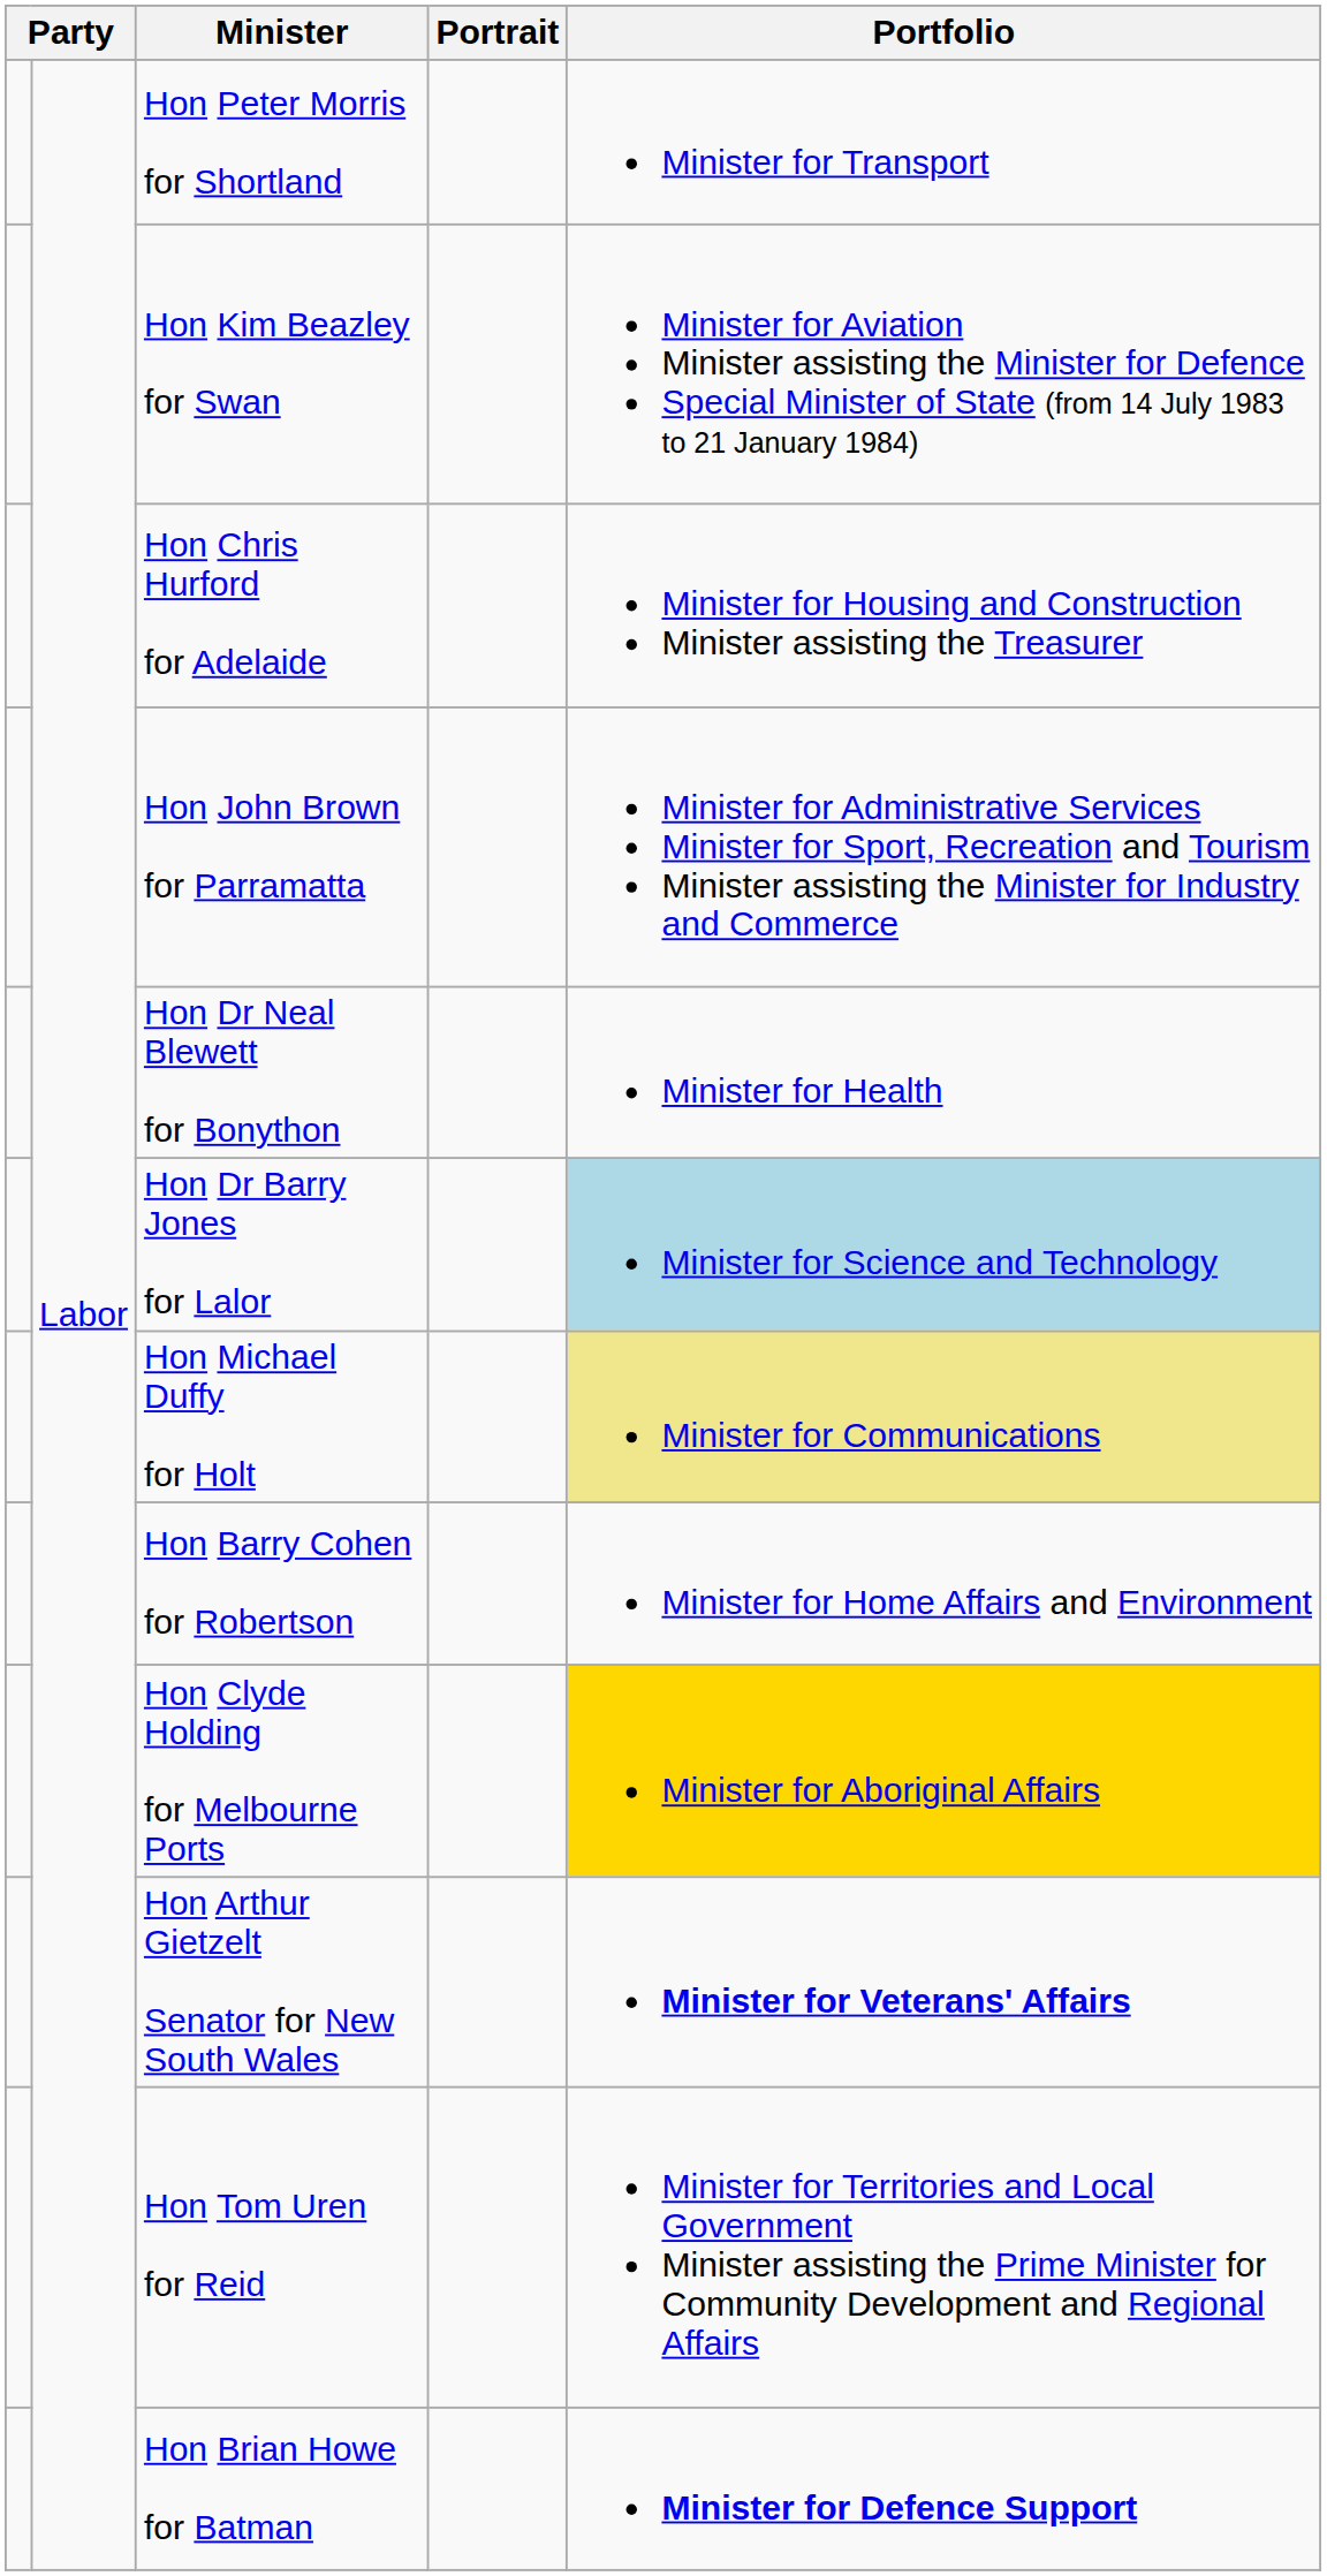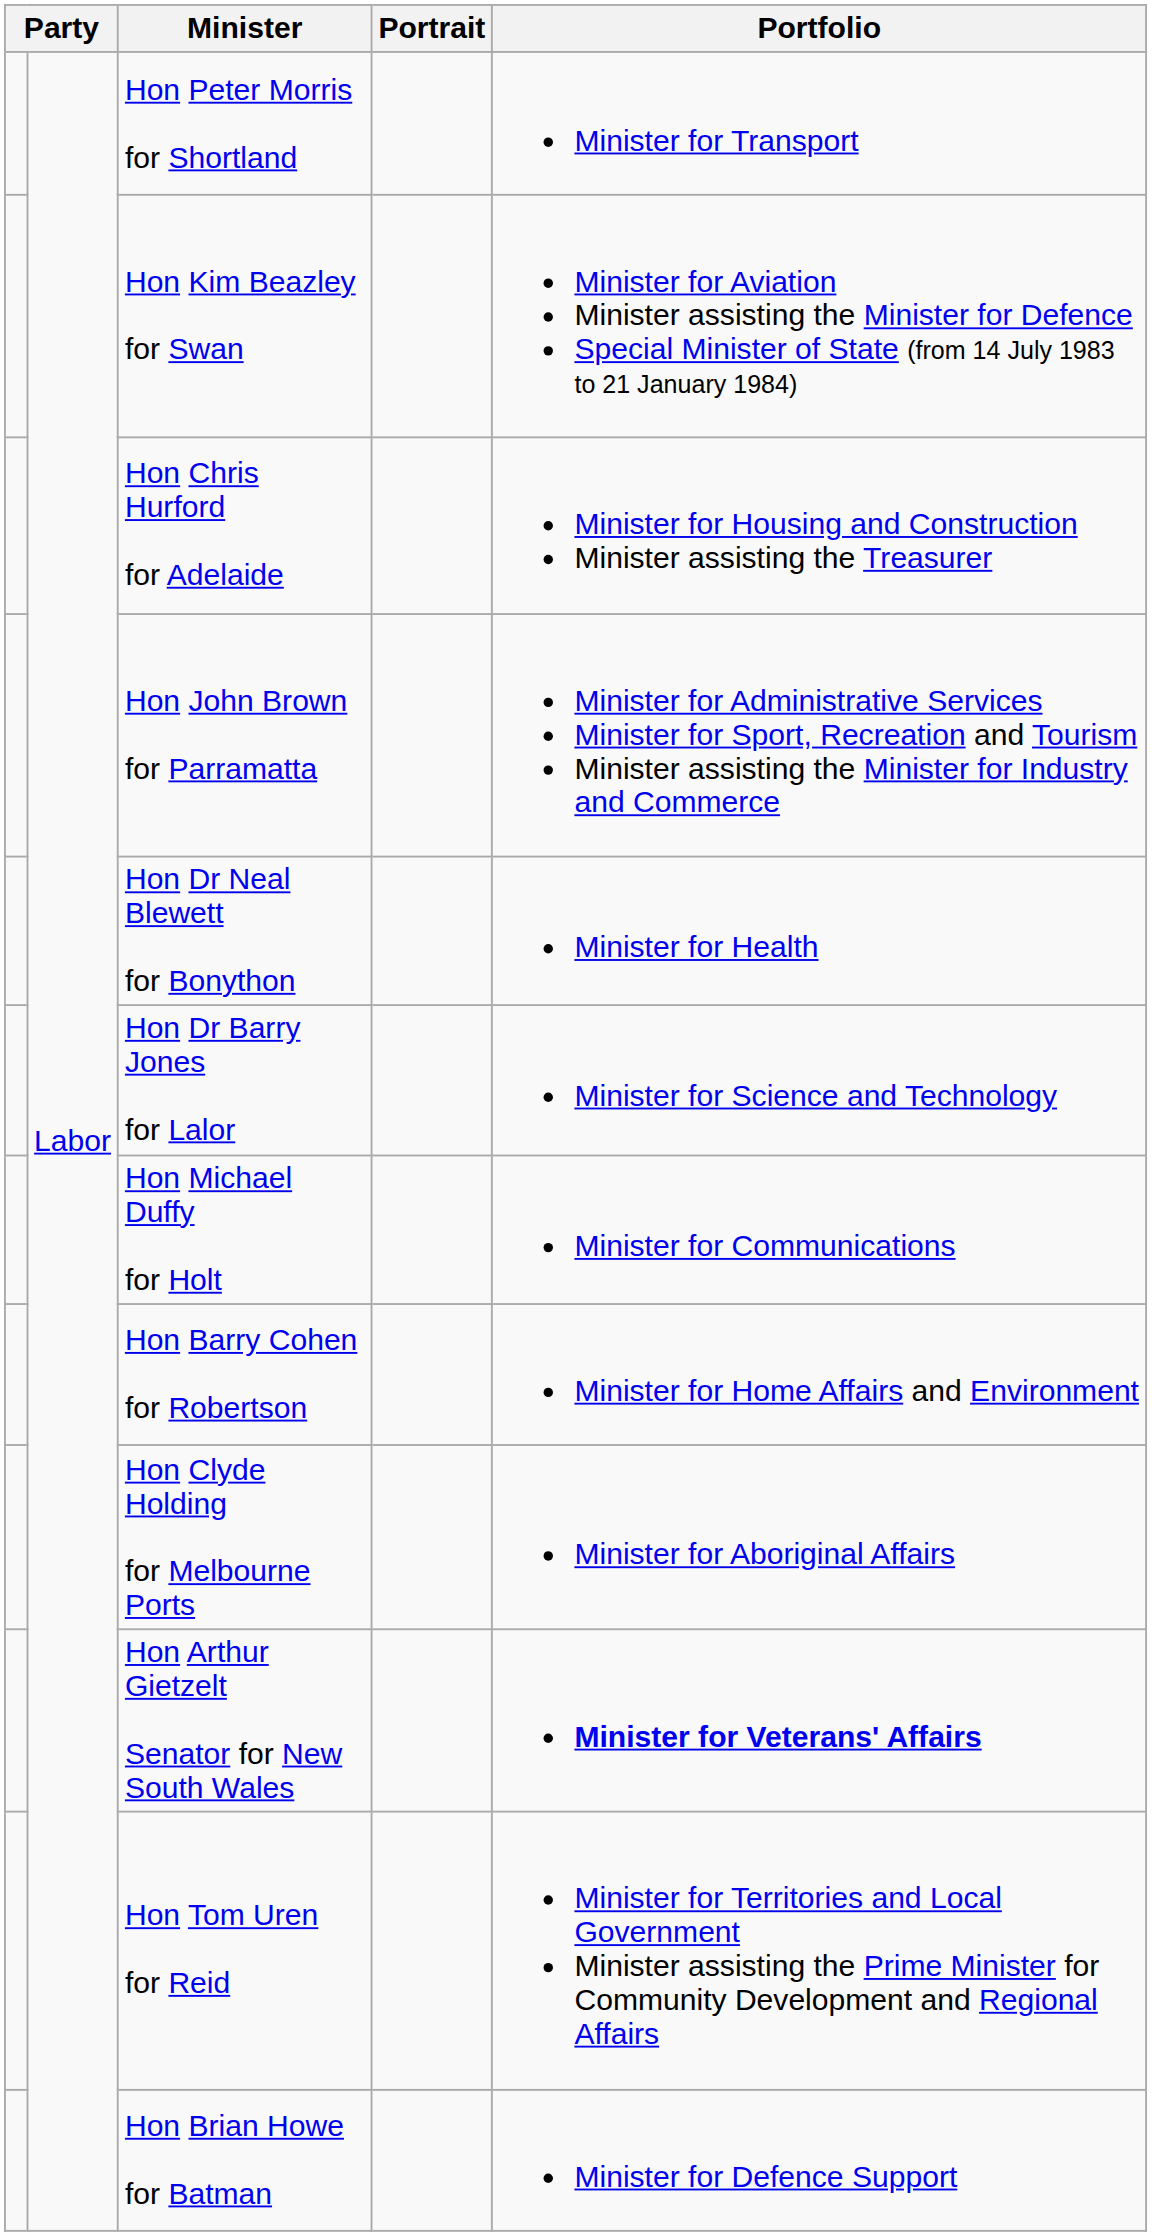 <table class="wikitable sortable">
 <tr>
 <th colspan="2">Party</th>
 <th>Minister</th>
 <th>Portrait</th>
 <th>Portfolio</th>
 </tr>
 <tr>
 <td> </td>
 <td rowspan=12><a href='#'>Labor</a></td>
 <td><a href='#'>Hon</a> <a href='#'>Peter Morris</a> <br><br> for <a href='#'>Shortland</a> <br></td>
 <td></td>
 <td><br><ul><li><a href='#'>Minister for Transport</a></li></ul></td>
 </tr>
 <tr>
 <td> </td>
 <td><a href='#'>Hon</a> <a href='#'>Kim Beazley</a> <br><br> for <a href='#'>Swan</a> <br></td>
 <td></td>
 <td><br><ul><li><a href='#'>Minister for Aviation</a></li><li>Minister assisting the <a href='#'>Minister for Defence</a></li><li><a href='#'>Special Minister of State</a> <small>(from 14 July 1983 to 21 January 1984)</small></li></ul></td>
 </tr>
 <tr>
 <td> </td>
 <td><a href='#'>Hon</a> <a href='#'>Chris Hurford</a> <br><br> for <a href='#'>Adelaide</a> <br></td>
 <td></td>
 <td><br><ul><li><a href='#'>Minister for Housing and Construction</a></li><li>Minister assisting the <a href='#'>Treasurer</a></li></ul></td>
 </tr>
 <tr>
 <td> </td>
 <td><a href='#'>Hon</a> <a href='#'>John Brown</a> <br><br> for <a href='#'>Parramatta</a> <br></td>
 <td></td>
 <td><br><ul><li><a href='#'>Minister for Administrative Services</a></li><li><a href='#'>Minister for Sport, Recreation</a> and <a href='#'>Tourism</a></li><li>Minister assisting the <a href='#'>Minister for Industry and Commerce</a></li></ul></td>
 </tr>
 <tr>
 <td> </td>
 <td><a href='#'>Hon</a> <a href='#'>Dr Neal Blewett</a> <br><br> for <a href='#'>Bonython</a> <br></td>
 <td></td>
 <td><br><ul><li><a href='#'>Minister for Health</a></li></ul></td>
 </tr>
 <tr>
 <td> </td>
 <td><a href='#'>Hon</a> <a href='#'>Dr Barry Jones</a> <br><br> for <a href='#'>Lalor</a> <br></td>
 <td></td>
-<td style="background: lightblue;"><br><ul><li><a href='#'>Minister for Science and Technology</a></li></ul></td>
+<td><br><ul><li><a href='#'>Minister for Science and Technology</a></li></ul></td>
 </tr>
 <tr>
 <td> </td>
 <td><a href='#'>Hon</a> <a href='#'>Michael Duffy</a> <br><br> for <a href='#'>Holt</a> <br></td>
 <td></td>
-<td style="background: khaki;"><br><ul><li><a href='#'>Minister for Communications</a></li></ul></td>
+<td><br><ul><li><a href='#'>Minister for Communications</a></li></ul></td>
 </tr>
 <tr>
 <td> </td>
 <td><a href='#'>Hon</a> <a href='#'>Barry Cohen</a> <br><br> for <a href='#'>Robertson</a> <br></td>
 <td></td>
 <td><br><ul><li><a href='#'>Minister for Home Affairs</a> and <a href='#'>Environment</a></li></ul></td>
 </tr>
 <tr>
 <td> </td>
 <td><a href='#'>Hon</a> <a href='#'>Clyde Holding</a> <br><br> for <a href='#'>Melbourne Ports</a> <br></td>
 <td></td>
-<td style="background: gold;"><br><ul><li><a href='#'>Minister for Aboriginal Affairs</a></li></ul></td>
+<td><br><ul><li><a href='#'>Minister for Aboriginal Affairs</a></li></ul></td>
 </tr>
 <tr>
 <td> </td>
 <td><a href='#'>Hon</a> <a href='#'>Arthur Gietzelt</a> <br><br><a href='#'>Senator</a> for <a href='#'>New South Wales</a> <br></td>
 <td></td>
 <td><strong><br><ul><li><a href='#'>Minister for Veterans' Affairs</a></li></ul></strong></td>
 </tr>
 <tr>
 <td> </td>
 <td><a href='#'>Hon</a> <a href='#'>Tom Uren</a> <br><br> for <a href='#'>Reid</a> <br></td>
 <td></td>
 <td><br><ul><li><a href='#'>Minister for Territories and Local Government</a></li><li>Minister assisting the <a href='#'>Prime Minister</a> for Community Development and <a href='#'>Regional Affairs</a></li></ul></td>
 </tr>
 <tr>
 <td> </td>
 <td><a href='#'>Hon</a> <a href='#'>Brian Howe</a> <br><br> for <a href='#'>Batman</a> <br></td>
 <td></td>
-<td><strong><br><ul><li><a href='#'>Minister for Defence Support</a></li></ul></strong></td>
+<td><br><ul><li><a href='#'>Minister for Defence Support</a></li></ul></td>
 </tr>
 </table>
